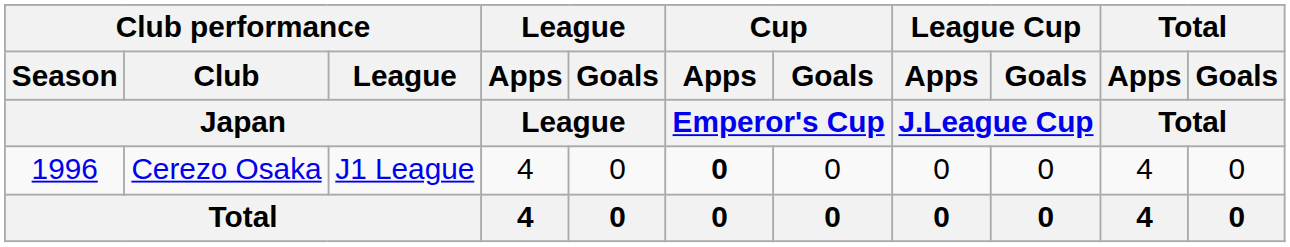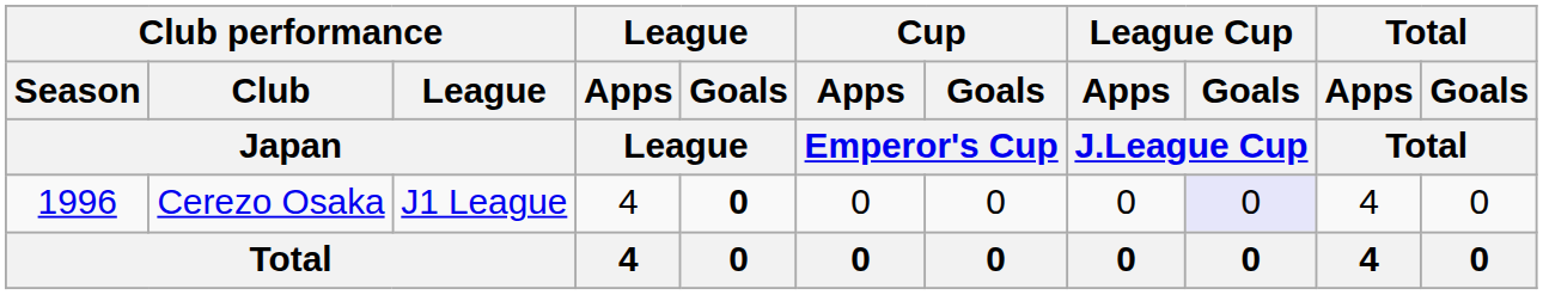 <table class="wikitable" style="text-align:center;">
 <tr>
 <th colspan=3>Club performance</th>
 <th colspan=2>League</th>
 <th colspan=2>Cup</th>
 <th colspan=2>League Cup</th>
 <th colspan=2>Total</th>
 </tr>
 <tr>
 <th>Season</th>
 <th>Club</th>
 <th>League</th>
 <th>Apps</th>
 <th>Goals</th>
 <th>Apps</th>
 <th>Goals</th>
 <th>Apps</th>
 <th>Goals</th>
 <th>Apps</th>
 <th>Goals</th>
 </tr>
 <tr>
 <th colspan=3>Japan</th>
 <th colspan=2>League</th>
 <th colspan=2><a href='#'>Emperor's Cup</a></th>
 <th colspan=2><a href='#'>J.League Cup</a></th>
 <th colspan=2>Total</th>
 </tr>
 <tr>
 <td><a href='#'>1996</a></td>
 <td><a href='#'>Cerezo Osaka</a></td>
 <td><a href='#'>J1 League</a></td>
 <td>4</td>
-<td>0</td>
 <td><strong>0</strong></td>
 <td>0</td>
 <td>0</td>
 <td>0</td>
+<td style="background: lavender;">0</td>
 <td>4</td>
 <td>0</td>
 </tr>
 <tr>
 <th colspan=3>Total</th>
 <th>4</th>
 <th>0</th>
 <th>0</th>
 <th>0</th>
 <th>0</th>
 <th>0</th>
 <th>4</th>
 <th>0</th>
 </tr>
 </table>
